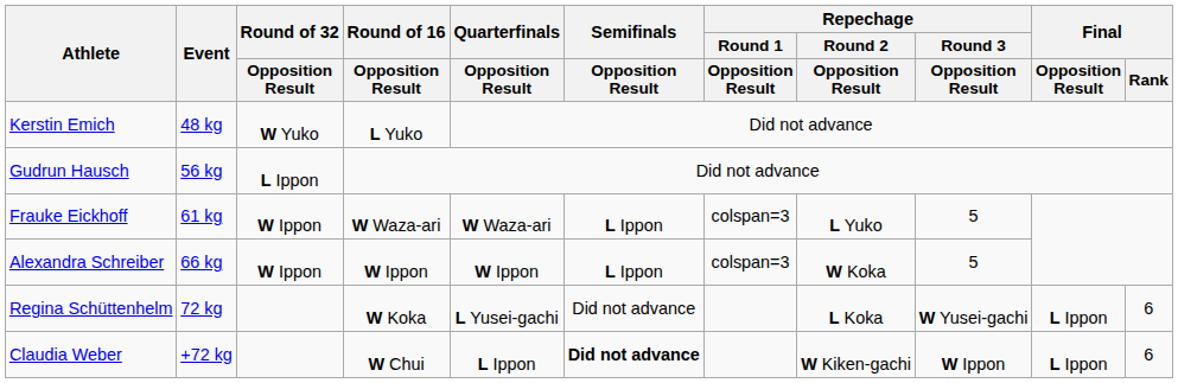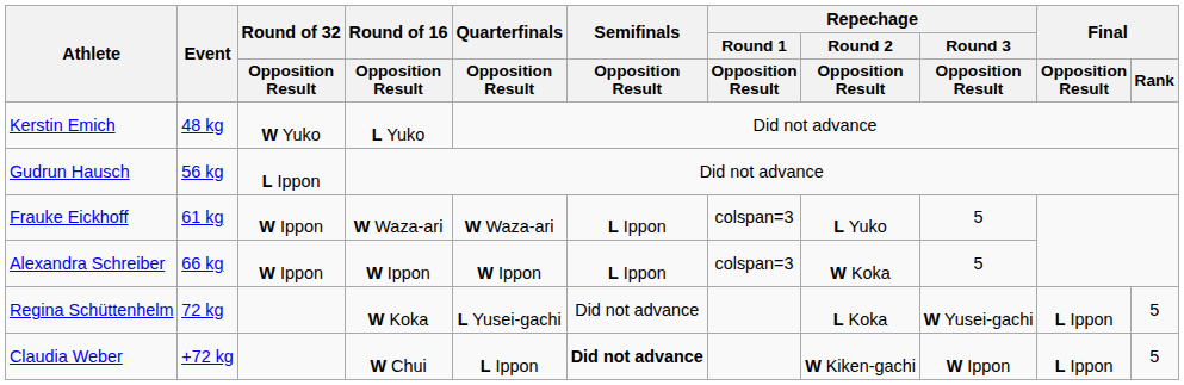 <table class="wikitable" style="font-size:90%">
 <tr>
 <th rowspan="3">Athlete</th>
 <th rowspan="3">Event</th>
 <th rowspan="2">Round of 32</th>
 <th rowspan="2">Round of 16</th>
 <th rowspan="2">Quarterfinals</th>
 <th rowspan="2">Semifinals</th>
 <th colspan=3>Repechage</th>
 <th rowspan="2" colspan=2>Final</th>
 </tr>
 <tr style="font-size:95%">
 <th>Round 1</th>
 <th>Round 2</th>
 <th>Round 3</th>
 </tr>
 <tr style="font-size:95%">
 <th>Opposition<br>Result</th>
 <th>Opposition<br>Result</th>
 <th>Opposition<br>Result</th>
 <th>Opposition<br>Result</th>
 <th>Opposition<br>Result</th>
 <th>Opposition<br>Result</th>
 <th>Opposition<br>Result</th>
 <th>Opposition<br>Result</th>
 <th>Rank</th>
 </tr>
 <tr align=center>
 <td align=left><a href='#'>Kerstin Emich</a></td>
 <td align=left><a href='#'>48 kg</a></td>
 <td><br><strong>W</strong> Yuko</td>
 <td><br><strong>L</strong> Yuko</td>
 <td colspan=7>Did not advance</td>
 </tr>
 <tr align=center>
 <td align=left><a href='#'>Gudrun Hausch</a></td>
 <td align=left><a href='#'>56 kg</a></td>
 <td><br><strong>L</strong> Ippon</td>
 <td colspan=8>Did not advance</td>
 </tr>
 <tr align=center>
 <td align=left><a href='#'>Frauke Eickhoff</a></td>
 <td align=left><a href='#'>61 kg</a></td>
 <td><br><strong>W</strong> Ippon</td>
 <td><br><strong>W</strong> Waza-ari</td>
 <td><br><strong>W</strong> Waza-ari</td>
 <td><br><strong>L</strong> Ippon</td>
 <td>colspan=3</td>
 <td><br><strong>L</strong> Yuko</td>
 <td>5</td>
 </tr>
 <tr align=center>
 <td align=left><a href='#'>Alexandra Schreiber</a></td>
 <td align=left><a href='#'>66 kg</a></td>
 <td><br><strong>W</strong> Ippon</td>
 <td><br><strong>W</strong> Ippon</td>
 <td><br><strong>W</strong> Ippon</td>
 <td><br><strong>L</strong> Ippon</td>
 <td>colspan=3</td>
 <td><br><strong>W</strong> Koka</td>
 <td>5</td>
 </tr>
 <tr align=center>
 <td align=left><a href='#'>Regina Schüttenhelm</a></td>
 <td align=left><a href='#'>72 kg</a></td>
 <td></td>
 <td><br><strong>W</strong> Koka</td>
 <td><br><strong>L</strong> Yusei-gachi</td>
 <td>Did not advance</td>
 <td></td>
 <td><br><strong>L</strong> Koka</td>
 <td><br><strong>W</strong> Yusei-gachi</td>
 <td><br><strong>L</strong> Ippon</td>
-<td>6</td>
+<td>5</td>
 </tr>
 <tr align=center>
 <td align=left><a href='#'>Claudia Weber</a></td>
 <td align=left><a href='#'>+72 kg</a></td>
 <td></td>
 <td><br><strong>W</strong> Chui</td>
 <td><br><strong>L</strong> Ippon</td>
 <td><strong>Did not advance</strong></td>
 <td></td>
 <td><br><strong>W</strong> Kiken-gachi</td>
 <td><br><strong>W</strong> Ippon</td>
 <td><br><strong>L</strong> Ippon</td>
-<td>6</td>
+<td>5</td>
 </tr>
 </table>
